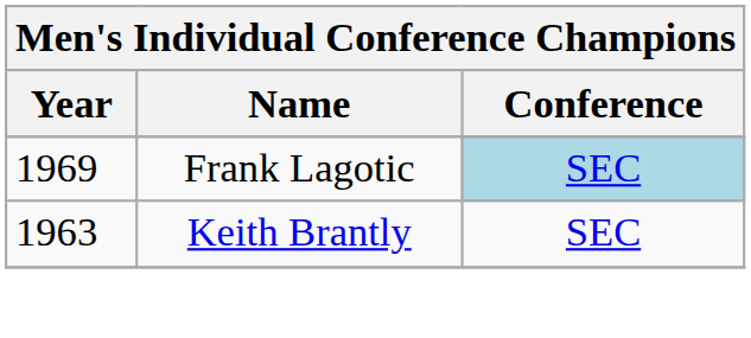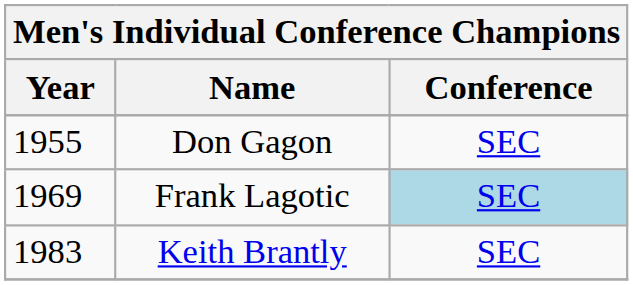 <table class="wikitable">
 <tr>
 <th colspan="3">Men's Individual Conference Champions</th>
 </tr>
 <tr>
 <th scope="col">Year</th>
 <th scope="col">Name</th>
 <th scope="col">Conference</th>
 </tr>
 <tr>
 </tr>
 <tr>
+<td>1955</td>
+<td style="text-align: center;">Don Gagon</td>
+<td style="text-align: center;"><a href='#'>SEC</a></td>
+</tr>
+<tr>
 <td>1969</td>
 <td style="text-align: center;">Frank Lagotic</td>
 <td style="background: lightblue; text-align: center;"><a href='#'>SEC</a></td>
 </tr>
 <tr>
-<td>1963</td>
+<td>1983</td>
 <td style="text-align: center;"><a href='#'>Keith Brantly</a></td>
 <td style="text-align: center;"><a href='#'>SEC</a></td>
 </tr>
 <tr>
 </tr>
 </table>
